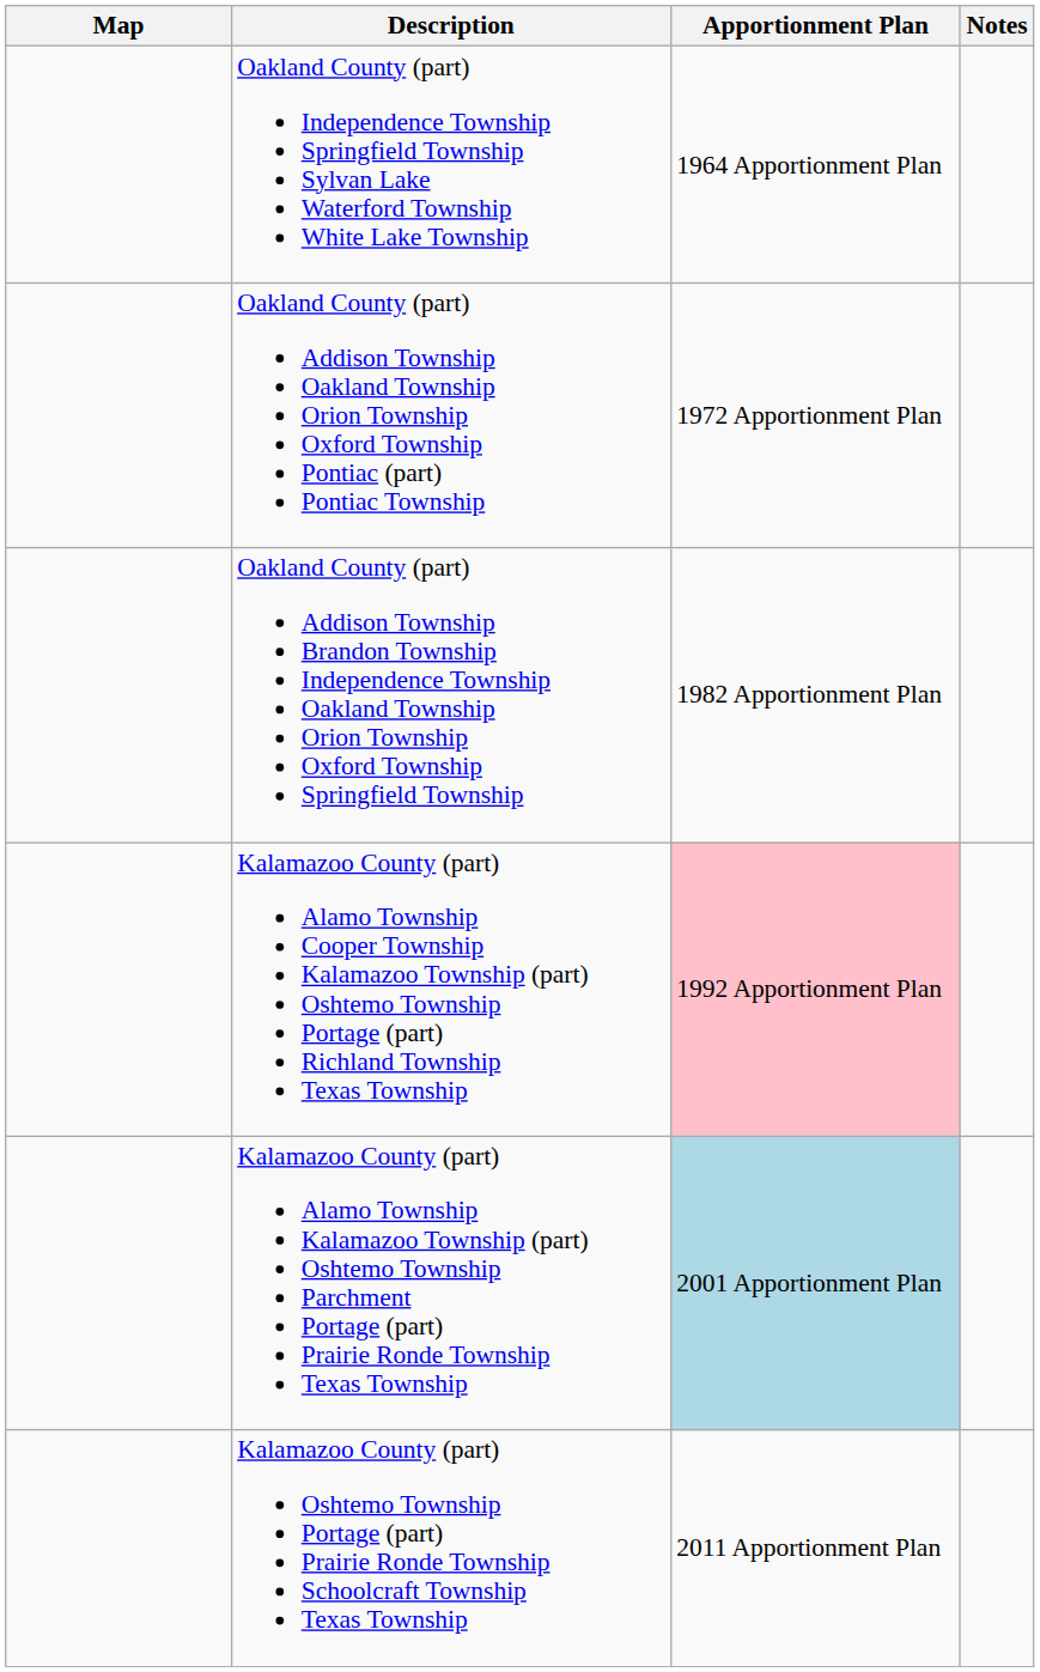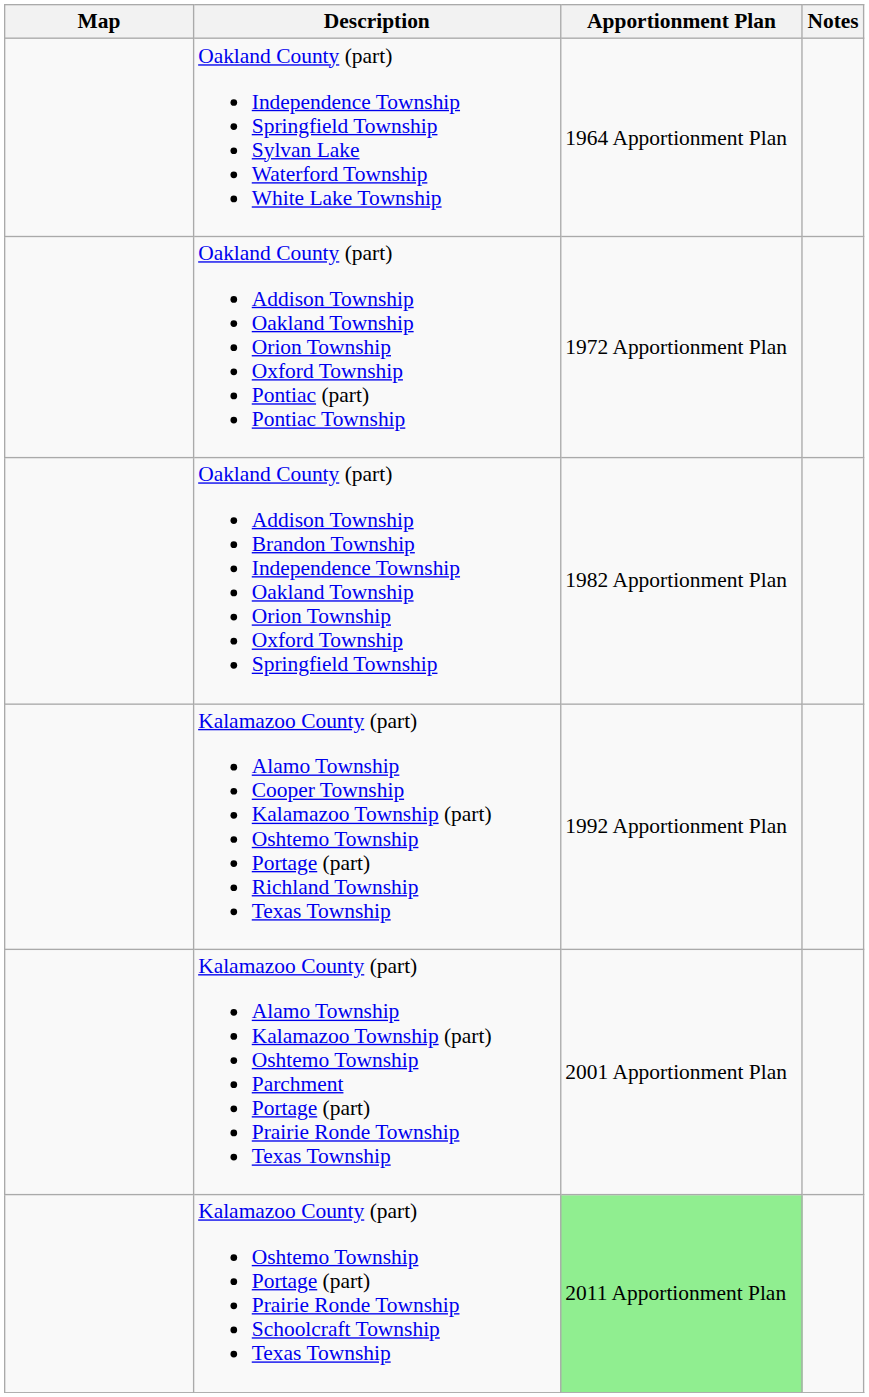 <table class="wikitable sortable">
 <tr>
 <th style="width:100pt;">Map</th>
 <th style="width:200pt;">Description</th>
 <th style="width:130pt;">Apportionment Plan</th>
 <th style="width:15pt;">Notes</th>
 </tr>
 <tr>
 <td></td>
 <td><a href='#'>Oakland County</a> (part)<br><ul><li><a href='#'>Independence Township</a></li><li><a href='#'>Springfield Township</a></li><li><a href='#'>Sylvan Lake</a></li><li><a href='#'>Waterford Township</a></li><li><a href='#'>White Lake Township</a></li></ul></td>
 <td>1964 Apportionment Plan</td>
 <td></td>
 </tr>
 <tr>
 <td></td>
 <td><a href='#'>Oakland County</a> (part)<br><ul><li><a href='#'>Addison Township</a></li><li><a href='#'>Oakland Township</a></li><li><a href='#'>Orion Township</a></li><li><a href='#'>Oxford Township</a></li><li><a href='#'>Pontiac</a> (part)</li><li><a href='#'>Pontiac Township</a></li></ul></td>
 <td>1972 Apportionment Plan</td>
 <td></td>
 </tr>
 <tr>
 <td></td>
 <td><a href='#'>Oakland County</a> (part)<br><ul><li><a href='#'>Addison Township</a></li><li><a href='#'>Brandon Township</a></li><li><a href='#'>Independence Township</a></li><li><a href='#'>Oakland Township</a></li><li><a href='#'>Orion Township</a></li><li><a href='#'>Oxford Township</a></li><li><a href='#'>Springfield Township</a></li></ul></td>
 <td>1982 Apportionment Plan</td>
 <td></td>
 </tr>
 <tr>
 <td></td>
 <td><a href='#'>Kalamazoo County</a> (part)<br><ul><li><a href='#'>Alamo Township</a></li><li><a href='#'>Cooper Township</a></li><li><a href='#'>Kalamazoo Township</a> (part)</li><li><a href='#'>Oshtemo Township</a></li><li><a href='#'>Portage</a> (part)</li><li><a href='#'>Richland Township</a></li><li><a href='#'>Texas Township</a></li></ul></td>
-<td style="background: pink;">1992 Apportionment Plan</td>
+<td>1992 Apportionment Plan</td>
 <td></td>
 </tr>
 <tr>
 <td></td>
 <td><a href='#'>Kalamazoo County</a> (part)<br><ul><li><a href='#'>Alamo Township</a></li><li><a href='#'>Kalamazoo Township</a> (part)</li><li><a href='#'>Oshtemo Township</a></li><li><a href='#'>Parchment</a></li><li><a href='#'>Portage</a> (part)</li><li><a href='#'>Prairie Ronde Township</a></li><li><a href='#'>Texas Township</a></li></ul></td>
-<td style="background: lightblue;">2001 Apportionment Plan</td>
+<td>2001 Apportionment Plan</td>
 <td></td>
 </tr>
 <tr>
 <td></td>
 <td><a href='#'>Kalamazoo County</a> (part)<br><ul><li><a href='#'>Oshtemo Township</a></li><li><a href='#'>Portage</a> (part)</li><li><a href='#'>Prairie Ronde Township</a></li><li><a href='#'>Schoolcraft Township</a></li><li><a href='#'>Texas Township</a></li></ul></td>
-<td>2011 Apportionment Plan</td>
+<td style="background: lightgreen;">2011 Apportionment Plan</td>
 <td></td>
 </tr>
 <tr>
 </tr>
 </table>
